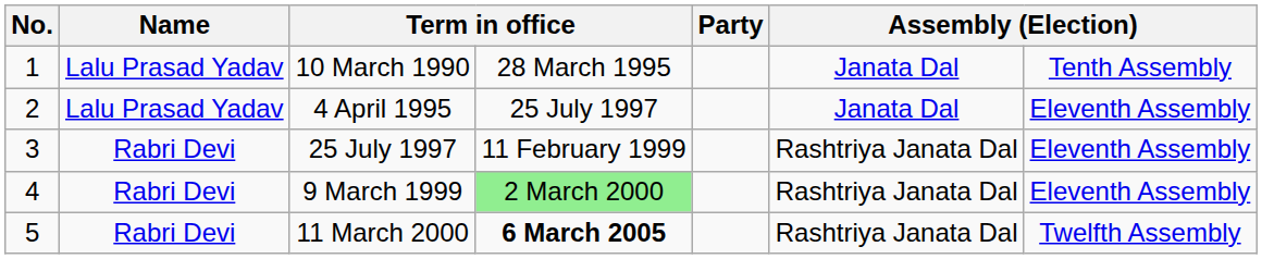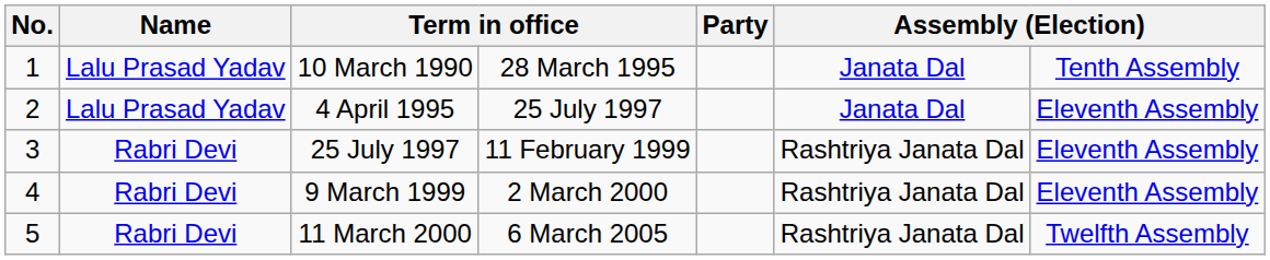 <table class="wikitable sortable" style="text-align:center;">
 <tr>
 <th Style="background-color:">No.</th>
 <th Style="background-color:">Name</th>
 <th colspan="2" Style="background-color:">Term in office</th>
 <th Style="background-color:">Party</th>
 <th colspan="2" Style="background-color:">Assembly (Election)</th>
 </tr>
 <tr align=center>
 <td>1</td>
 <td><a href='#'>Lalu Prasad Yadav</a></td>
 <td>10 March 1990</td>
 <td>28 March 1995</td>
 <td></td>
 <td><a href='#'>Janata Dal</a></td>
 <td><a href='#'>Tenth Assembly</a></td>
 </tr>
 <tr align=center>
 <td>2</td>
 <td><a href='#'>Lalu Prasad Yadav</a></td>
 <td>4 April 1995</td>
 <td>25 July 1997</td>
 <td></td>
 <td><a href='#'>Janata Dal</a></td>
 <td><a href='#'>Eleventh Assembly</a></td>
 </tr>
 <tr align=center>
 <td>3</td>
 <td><a href='#'>Rabri Devi</a></td>
 <td>25 July 1997</td>
 <td>11 February 1999</td>
 <td></td>
 <td>Rashtriya Janata Dal</td>
 <td><a href='#'>Eleventh Assembly</a></td>
 </tr>
 <tr align=center>
 <td>4</td>
 <td><a href='#'>Rabri Devi</a></td>
 <td>9 March 1999</td>
-<td style="background: lightgreen;">2 March 2000</td>
+<td>2 March 2000</td>
 <td></td>
 <td>Rashtriya Janata Dal</td>
 <td><a href='#'>Eleventh Assembly</a></td>
 </tr>
 <tr align=center>
 <td>5</td>
 <td><a href='#'>Rabri Devi</a></td>
 <td>11 March 2000</td>
-<td><strong>6 March 2005</strong></td>
+<td>6 March 2005</td>
 <td></td>
 <td>Rashtriya Janata Dal</td>
 <td><a href='#'>Twelfth Assembly</a></td>
 </tr>
 </table>
